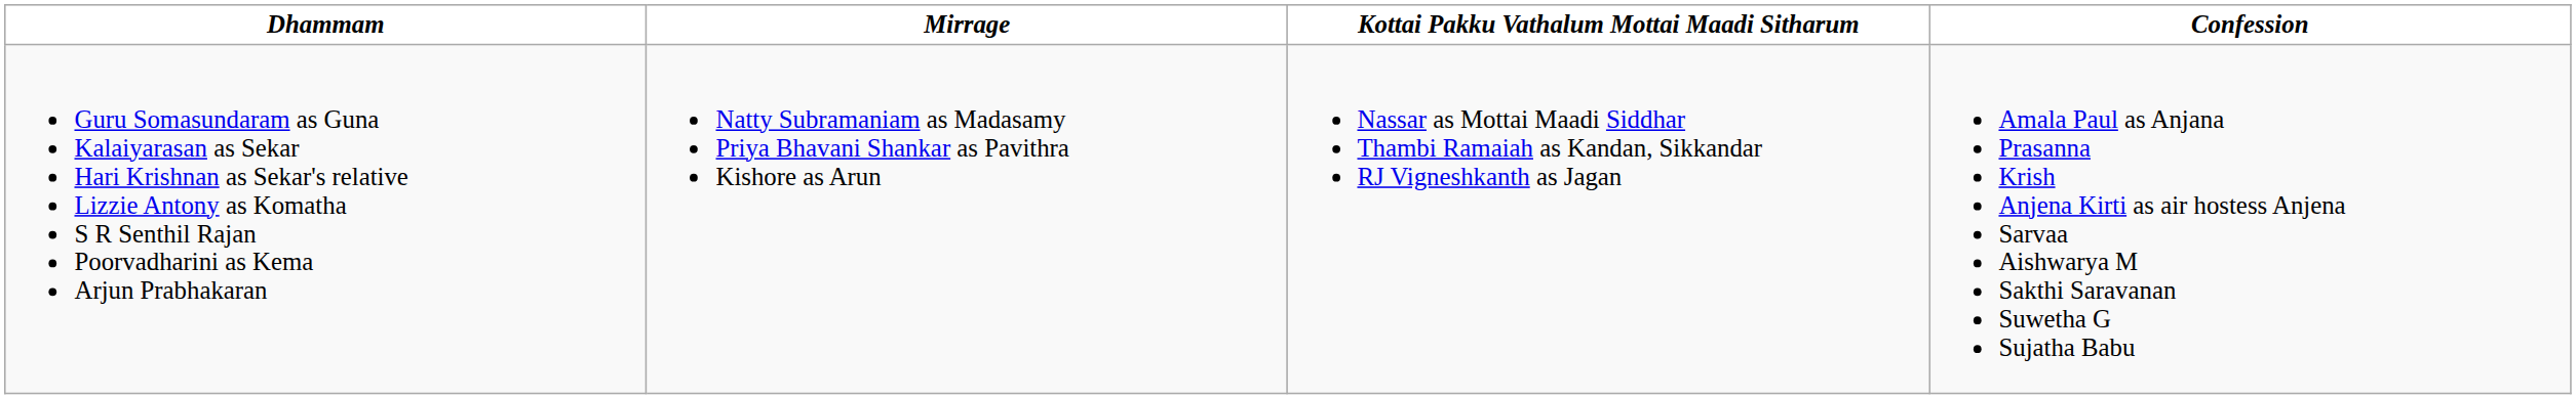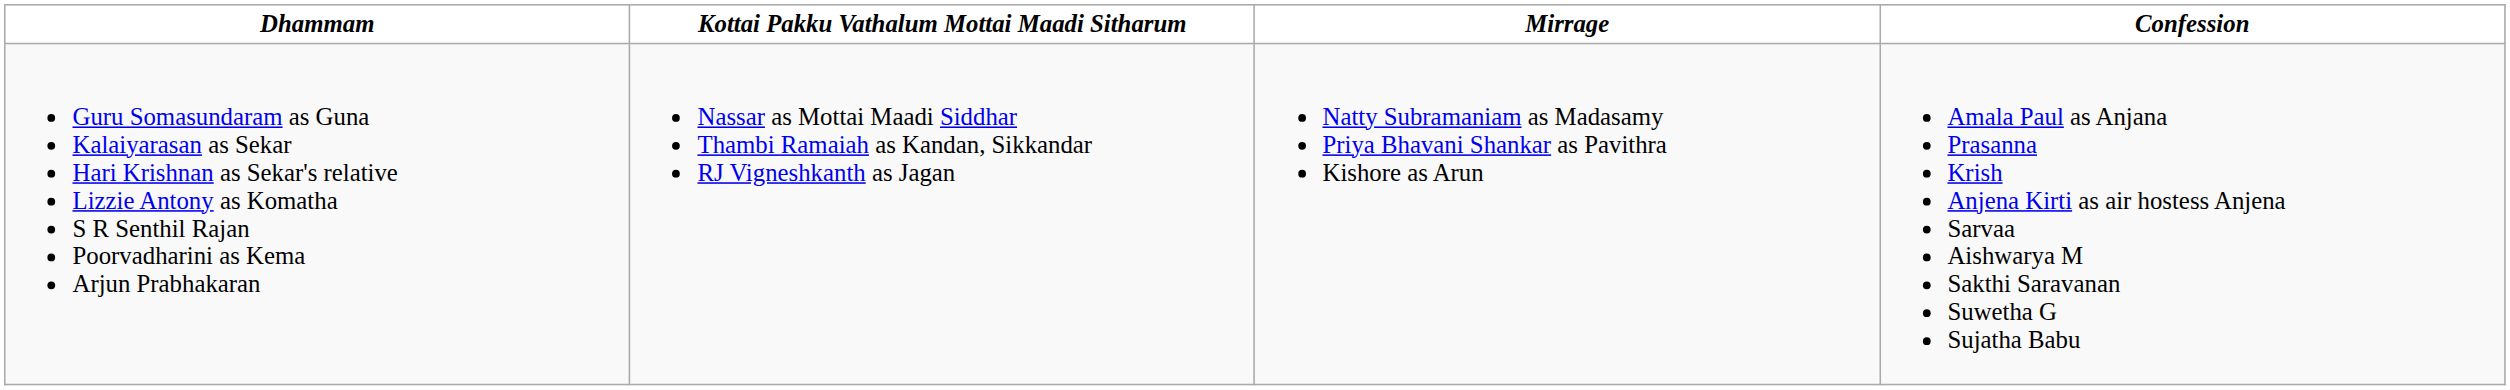 <table class=wikitable>
 <tr>
 <th style="background:#ffffff; width:20%"><em>Dhammam</em></th>
+<th style="background:#ffffff; width:20%"><em>Kottai Pakku Vathalum Mottai Maadi Sitharum</em></th>
 <th style="background:#ffffff; width:20%"><em>Mirrage</em></th>
-<th style="background:#ffffff; width:20%"><em>Kottai Pakku Vathalum Mottai Maadi Sitharum</em></th>
 <th style="background:#ffffff; width:20%"><em>Confession</em></th>
 </tr>
 <tr>
 <td valign="top"><br><ul><li><a href='#'>Guru Somasundaram</a>  as Guna</li><li><a href='#'>Kalaiyarasan</a> as Sekar</li><li><a href='#'>Hari Krishnan</a> as Sekar's relative</li><li><a href='#'>Lizzie Antony</a> as Komatha</li><li>S R Senthil Rajan</li><li>Poorvadharini as Kema</li><li>Arjun Prabhakaran</li></ul></td>
+<td valign="top"><br><ul><li><a href='#'>Nassar</a> as Mottai Maadi <a href='#'>Siddhar</a></li><li><a href='#'>Thambi Ramaiah</a> as Kandan, Sikkandar</li><li><a href='#'>RJ Vigneshkanth</a> as Jagan</li></ul></td>
 <td valign="top"><br><ul><li><a href='#'>Natty Subramaniam</a> as Madasamy</li><li><a href='#'>Priya Bhavani Shankar</a> as Pavithra</li><li>Kishore as Arun</li></ul></td>
-<td valign="top"><br><ul><li><a href='#'>Nassar</a> as Mottai Maadi <a href='#'>Siddhar</a></li><li><a href='#'>Thambi Ramaiah</a> as Kandan, Sikkandar</li><li><a href='#'>RJ Vigneshkanth</a> as Jagan</li></ul></td>
 <td valign="top"><br><ul><li><a href='#'>Amala Paul</a> as Anjana</li><li><a href='#'>Prasanna</a></li><li><a href='#'>Krish</a></li><li><a href='#'>Anjena Kirti</a> as air hostess Anjena</li><li>Sarvaa</li><li>Aishwarya M</li><li>Sakthi Saravanan</li><li>Suwetha G</li><li>Sujatha Babu</li></ul></td>
 </tr>
 </table>
